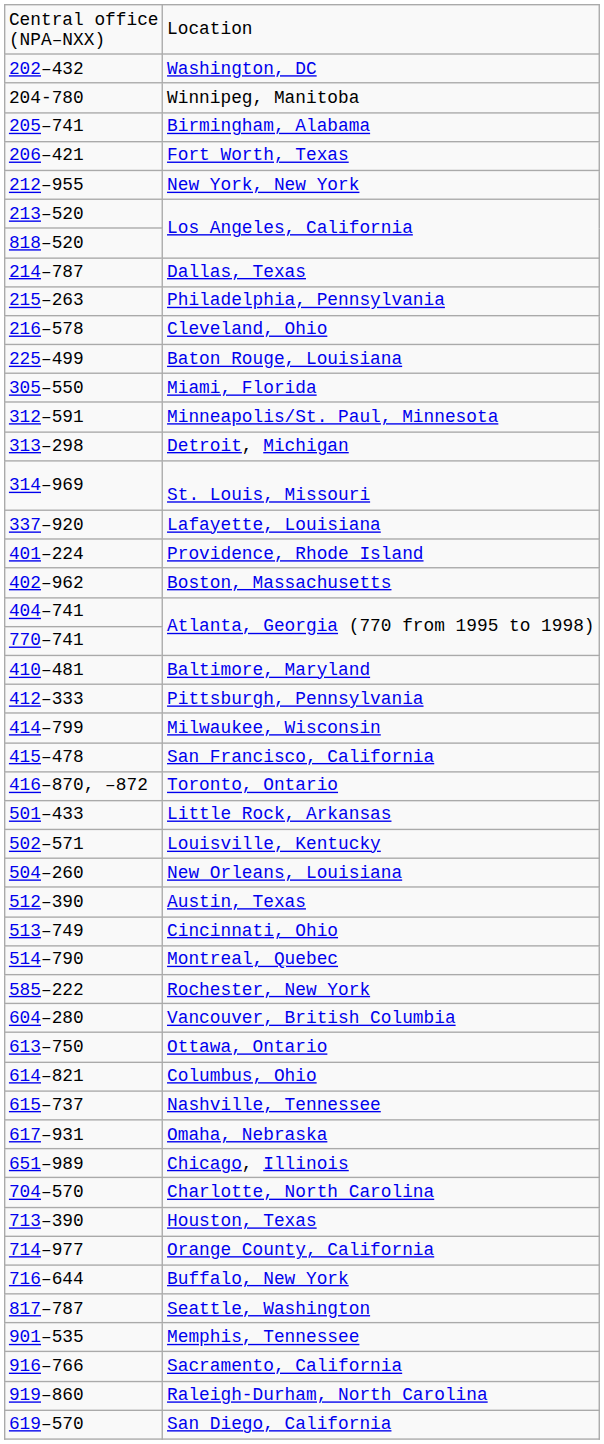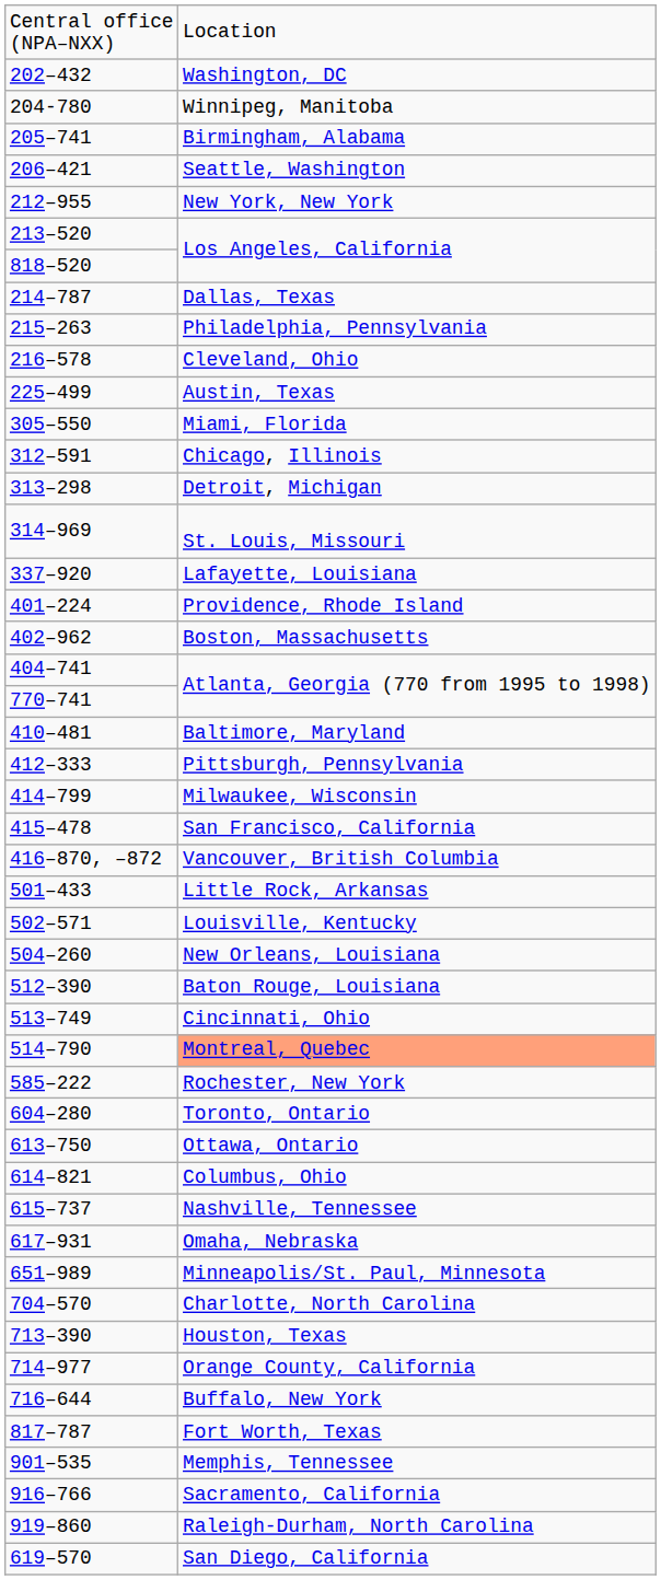 <table class=wikitable>
 <tr>
 <td>Central office<br>(NPA–NXX)</td>
 <td>Location</td>
 </tr>
 <tr>
 <td><a href='#'>202</a>–432</td>
 <td><a href='#'>Washington, DC</a></td>
 </tr>
 <tr>
 <td>204-780</td>
 <td>Winnipeg, Manitoba</td>
 </tr>
 <tr>
 <td><a href='#'>205</a>–741</td>
 <td><a href='#'>Birmingham, Alabama</a></td>
 </tr>
 <tr>
 <td><a href='#'>206</a>–421</td>
-<td><a href='#'>Fort Worth, Texas</a></td>
+<td><a href='#'>Seattle, Washington</a></td>
 </tr>
 <tr>
 <td><a href='#'>212</a>–955</td>
 <td><a href='#'>New York, New York</a></td>
 </tr>
 <tr>
 <td><a href='#'>213</a>–520</td>
 <td rowspan=2><a href='#'>Los Angeles, California</a></td>
 </tr>
 <tr>
 <td><a href='#'>818</a>–520</td>
 </tr>
 <tr>
 <td><a href='#'>214</a>–787</td>
 <td><a href='#'>Dallas, Texas</a></td>
 </tr>
 <tr>
 <td><a href='#'>215</a>–263</td>
 <td><a href='#'>Philadelphia, Pennsylvania</a></td>
 </tr>
 <tr>
 <td><a href='#'>216</a>–578</td>
 <td><a href='#'>Cleveland, Ohio</a></td>
 </tr>
 <tr>
 <td><a href='#'>225</a>–499</td>
-<td><a href='#'>Baton Rouge, Louisiana</a></td>
+<td><a href='#'>Austin, Texas</a></td>
 </tr>
 <tr>
 <td><a href='#'>305</a>–550</td>
 <td><a href='#'>Miami, Florida</a></td>
 </tr>
 <tr>
 <td><a href='#'>312</a>–591</td>
-<td><a href='#'>Minneapolis/St. Paul, Minnesota</a></td>
+<td><a href='#'>Chicago</a>, <a href='#'>Illinois</a></td>
 </tr>
 <tr>
 <td><a href='#'>313</a>–298</td>
 <td><a href='#'>Detroit</a>, <a href='#'>Michigan</a></td>
 </tr>
 <tr>
 <td><a href='#'>314</a>–969</td>
 <td><br><a href='#'>St. Louis, Missouri</a></td>
 </tr>
 <tr>
 <td><a href='#'>337</a>–920</td>
 <td><a href='#'>Lafayette, Louisiana</a></td>
 </tr>
 <tr>
 <td><a href='#'>401</a>–224</td>
 <td><a href='#'>Providence, Rhode Island</a></td>
 </tr>
 <tr>
 <td><a href='#'>402</a>–962</td>
 <td><a href='#'>Boston, Massachusetts</a></td>
 </tr>
 <tr>
 <td><a href='#'>404</a>–741</td>
 <td rowspan=2><a href='#'>Atlanta, Georgia</a> (770 from 1995 to 1998)</td>
 </tr>
 <tr>
 <td><a href='#'>770</a>–741</td>
 </tr>
 <tr>
 <td><a href='#'>410</a>–481</td>
 <td><a href='#'>Baltimore, Maryland</a></td>
 </tr>
 <tr>
 <td><a href='#'>412</a>–333</td>
 <td><a href='#'>Pittsburgh, Pennsylvania</a></td>
 </tr>
 <tr>
 <td><a href='#'>414</a>–799</td>
 <td><a href='#'>Milwaukee, Wisconsin</a></td>
 </tr>
 <tr>
 <td><a href='#'>415</a>–478</td>
 <td><a href='#'>San Francisco, California</a></td>
 </tr>
 <tr>
 <td><a href='#'>416</a>–870, –872</td>
-<td><a href='#'>Toronto, Ontario</a></td>
+<td><a href='#'>Vancouver, British Columbia</a></td>
 </tr>
 <tr>
 <td><a href='#'>501</a>–433</td>
 <td><a href='#'>Little Rock, Arkansas</a></td>
 </tr>
 <tr>
 <td><a href='#'>502</a>–571</td>
 <td><a href='#'>Louisville, Kentucky</a></td>
 </tr>
 <tr>
 <td><a href='#'>504</a>–260</td>
 <td><a href='#'>New Orleans, Louisiana</a></td>
 </tr>
 <tr>
 <td><a href='#'>512</a>–390</td>
-<td><a href='#'>Austin, Texas</a></td>
+<td><a href='#'>Baton Rouge, Louisiana</a></td>
 </tr>
 <tr>
 <td><a href='#'>513</a>–749</td>
 <td><a href='#'>Cincinnati, Ohio</a></td>
 </tr>
 <tr>
 <td><a href='#'>514</a>–790</td>
-<td><a href='#'>Montreal, Quebec</a></td>
+<td style="background: lightsalmon;"><a href='#'>Montreal, Quebec</a></td>
 </tr>
 <tr>
 <td><a href='#'>585</a>–222</td>
 <td><a href='#'>Rochester, New York</a></td>
 </tr>
 <tr>
 <td><a href='#'>604</a>–280</td>
-<td><a href='#'>Vancouver, British Columbia</a></td>
+<td><a href='#'>Toronto, Ontario</a></td>
 </tr>
 <tr>
 <td><a href='#'>613</a>–750</td>
 <td><a href='#'>Ottawa, Ontario</a></td>
 </tr>
 <tr>
 <td><a href='#'>614</a>–821</td>
 <td><a href='#'>Columbus, Ohio</a></td>
 </tr>
 <tr>
 <td><a href='#'>615</a>–737</td>
 <td><a href='#'>Nashville, Tennessee</a></td>
 </tr>
 <tr>
 <td><a href='#'>617</a>–931</td>
 <td><a href='#'>Omaha, Nebraska</a></td>
 </tr>
 <tr>
 <td><a href='#'>651</a>–989</td>
-<td><a href='#'>Chicago</a>, <a href='#'>Illinois</a></td>
+<td><a href='#'>Minneapolis/St. Paul, Minnesota</a></td>
 </tr>
 <tr>
 <td><a href='#'>704</a>–570</td>
 <td><a href='#'>Charlotte, North Carolina</a></td>
 </tr>
 <tr>
 <td><a href='#'>713</a>–390</td>
 <td><a href='#'>Houston, Texas</a></td>
 </tr>
 <tr>
 <td><a href='#'>714</a>–977</td>
 <td><a href='#'>Orange County, California</a></td>
 </tr>
 <tr>
 <td><a href='#'>716</a>–644</td>
 <td><a href='#'>Buffalo, New York</a></td>
 </tr>
 <tr>
 <td><a href='#'>817</a>–787</td>
-<td><a href='#'>Seattle, Washington</a></td>
+<td><a href='#'>Fort Worth, Texas</a></td>
 </tr>
 <tr>
 <td><a href='#'>901</a>–535</td>
 <td><a href='#'>Memphis, Tennessee</a></td>
 </tr>
 <tr>
 <td><a href='#'>916</a>–766</td>
 <td><a href='#'>Sacramento, California</a></td>
 </tr>
 <tr>
 <td><a href='#'>919</a>–860</td>
 <td><a href='#'>Raleigh-Durham, North Carolina</a></td>
 </tr>
 <tr>
 <td><a href='#'>619</a>–570</td>
 <td><a href='#'>San Diego, California</a></td>
 </tr>
 </table>
